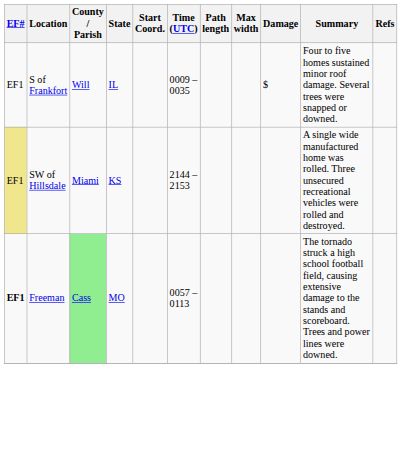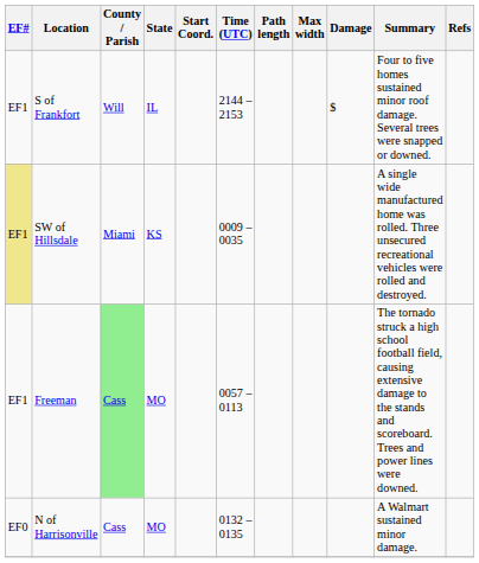 <table class="wikitable sortable" style="width:100%;">
 <tr>
 <th scope="col" width="3%" align="center"><a href='#'>EF#</a></th>
 <th scope="col" width="7%" align="center" class="unsortable">Location</th>
 <th scope="col" width="6%" align="center" class="unsortable">County / Parish</th>
 <th scope="col" width="5%" align="center">State</th>
 <th scope="col" width="6%" align="center">Start Coord.</th>
 <th scope="col" width="6%" align="center">Time (<a href='#'>UTC</a>)</th>
 <th scope="col" width="6%" align="center">Path length</th>
 <th scope="col" width="6%" align="center">Max width</th>
 <th scope="col" width="6%" align="center">Damage</th>
 <th scope="col" width="48%" class="unsortable" align="center">Summary</th>
 <th scope="col" width="48%" class="unsortable" align="center">Refs</th>
 </tr>
 <tr>
 <td>EF1</td>
 <td>S of <a href='#'>Frankfort</a></td>
 <td><a href='#'>Will</a></td>
 <td><a href='#'>IL</a></td>
 <td></td>
-<td>0009 – 0035</td>
+<td>2144 – 2153</td>
 <td></td>
 <td></td>
 <td>$</td>
 <td>Four to five homes sustained minor roof damage. Several trees were snapped or downed.</td>
 <td></td>
 </tr>
 <tr>
 <td style="background: khaki;">EF1</td>
 <td>SW of <a href='#'>Hillsdale</a></td>
 <td><a href='#'>Miami</a></td>
 <td><a href='#'>KS</a></td>
 <td></td>
-<td>2144 – 2153</td>
+<td>0009 – 0035</td>
 <td></td>
 <td></td>
 <td></td>
 <td>A single wide manufactured home was rolled. Three unsecured recreational vehicles were rolled and destroyed.</td>
 <td></td>
 </tr>
 <tr>
-<td><strong>EF1</strong></td>
+<td>EF1</td>
 <td><a href='#'>Freeman</a></td>
 <td style="background: lightgreen;"><a href='#'>Cass</a></td>
 <td><a href='#'>MO</a></td>
 <td></td>
 <td>0057 – 0113</td>
 <td></td>
 <td></td>
 <td></td>
 <td>The tornado struck a high school football field, causing extensive damage to the stands and scoreboard. Trees and power lines were downed.</td>
 <td></td>
 </tr>
 <tr>
+<td>EF0</td>
+<td>N of <a href='#'>Harrisonville</a></td>
+<td><a href='#'>Cass</a></td>
+<td><a href='#'>MO</a></td>
+<td></td>
+<td>0132 – 0135</td>
+<td></td>
+<td></td>
+<td></td>
+<td>A Walmart sustained minor damage.</td>
+<td></td>
+</tr>
+<tr>
 </tr>
 </table>
